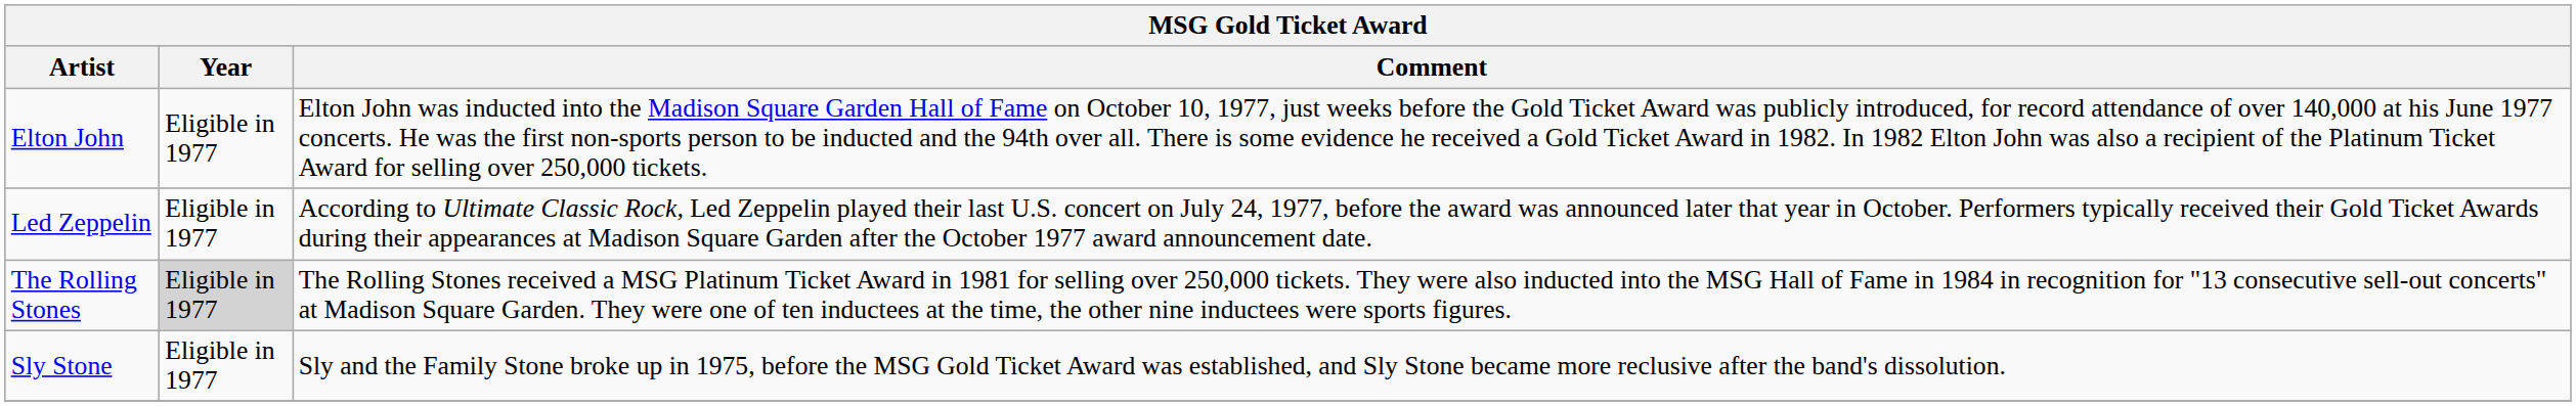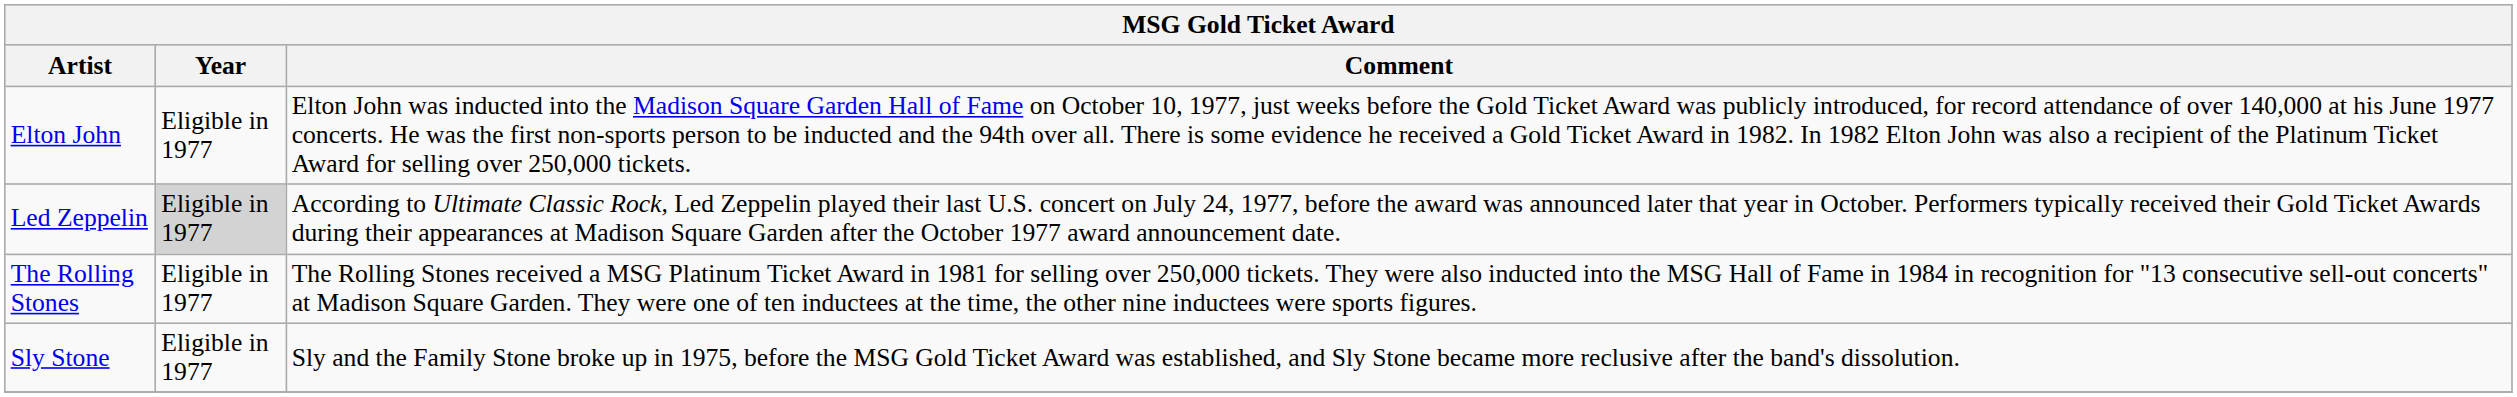 <table class="wikitable sortable">
 <tr>
 <th colspan="3">MSG Gold Ticket Award</th>
 </tr>
 <tr>
 <th>Artist</th>
 <th class="unsortable">Year</th>
 <th class="unsortable">Comment</th>
 </tr>
 <tr>
 <td rowspan="1"><a href='#'>Elton John</a></td>
 <td>Eligible in 1977</td>
 <td>Elton John was inducted into the <a href='#'>Madison Square Garden Hall of Fame</a> on October 10, 1977, just weeks before the Gold Ticket Award was publicly introduced, for record attendance of over 140,000 at his June 1977 concerts. He was the first non-sports person to be inducted and the 94th over all. There is some evidence he received a Gold Ticket Award in 1982. In 1982 Elton John was also a recipient of the Platinum Ticket Award for selling over 250,000 tickets.</td>
 </tr>
 <tr>
 <td rowspan="1"><a href='#'>Led Zeppelin</a></td>
-<td>Eligible in 1977</td>
+<td style="background: lightgrey;">Eligible in 1977</td>
 <td>According to <em>Ultimate Classic Rock,</em> Led Zeppelin played their last U.S. concert on July 24, 1977, before the award was announced later that year in October. Performers typically received their Gold Ticket Awards during their appearances at Madison Square Garden after the October 1977  award announcement date.</td>
 </tr>
 <tr>
 <td rowspan="1"><a href='#'>The Rolling Stones</a></td>
-<td style="background: lightgrey;">Eligible in 1977</td>
+<td>Eligible in 1977</td>
 <td>The Rolling Stones received a MSG Platinum Ticket Award in 1981 for selling over 250,000 tickets. They were also inducted into the MSG Hall of Fame in 1984 in recognition for "13 consecutive sell-out concerts" at Madison Square Garden. They were one of ten inductees at the time, the other nine inductees were sports figures.</td>
 </tr>
 <tr>
 <td rowspan="1"><a href='#'>Sly Stone</a></td>
 <td>Eligible in 1977</td>
 <td>Sly and the Family Stone broke up in 1975, before the MSG Gold Ticket Award was established, and Sly Stone became more reclusive after the band's dissolution.</td>
 </tr>
 <tr>
 </tr>
 </table>
